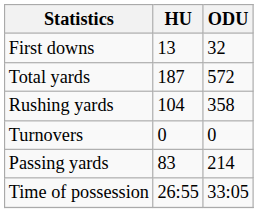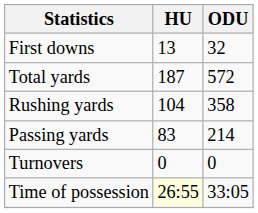 <table class="wikitable">
 <tr>
 <th>Statistics</th>
 <th>HU</th>
 <th>ODU</th>
 </tr>
 <tr>
 <td>First downs</td>
 <td>13</td>
 <td>32</td>
 </tr>
 <tr>
 <td>Total yards</td>
 <td>187</td>
 <td>572</td>
 </tr>
 <tr>
 <td>Rushing yards</td>
 <td>104</td>
 <td>358</td>
 </tr>
 <tr>
+<td>Passing yards</td>
+<td>83</td>
+<td>214</td>
+</tr>
+<tr>
 <td>Turnovers</td>
 <td>0</td>
 <td>0</td>
 </tr>
 <tr>
-<td>Passing yards</td>
-<td>83</td>
-<td>214</td>
-</tr>
-<tr>
 <td>Time of possession</td>
-<td>26:55</td>
+<td style="background: lightyellow;">26:55</td>
 <td>33:05</td>
 </tr>
 <tr>
 </tr>
 </table>
